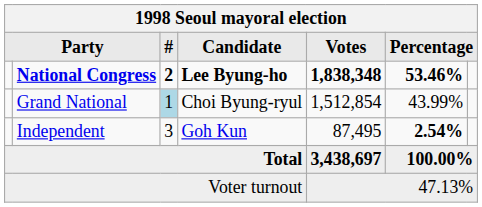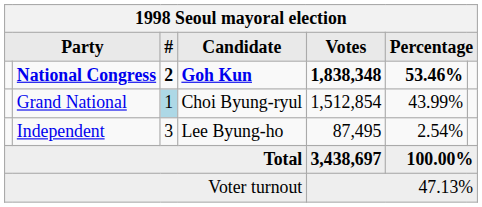 <table class="wikitable">
 <tr>
 <th colspan="7">1998 Seoul mayoral election</th>
 </tr>
 <tr>
 <th style="background-color:#E9E9E9" colspan=2>Party</th>
 <th style="background-color:#E9E9E9">#</th>
 <th style="background-color:#E9E9E9">Candidate</th>
 <th style="background-color:#E9E9E9">Votes</th>
 <th style="background-color:#E9E9E9" colspan=2>Percentage</th>
 </tr>
 <tr style="font-weight:bold">
 <td></td>
 <td align=left><a href='#'>National Congress</a></td>
 <td align=center>2</td>
-<td align=left>Lee Byung-ho</td>
+<td align=left><a href='#'>Goh Kun</a></td>
 <td align=right>1,838,348</td>
 <td align=right>53.46%</td>
 <td align=right></td>
 </tr>
 <tr>
 <td></td>
 <td align=left><a href='#'>Grand National</a></td>
 <td align=center style="background: lightblue;">1</td>
 <td align=left>Choi Byung-ryul</td>
 <td align=right>1,512,854</td>
 <td align=right>43.99%</td>
 <td align=right></td>
 </tr>
 <tr>
 <td></td>
 <td align=left><a href='#'>Independent</a></td>
 <td align=center>3</td>
-<td align=left><a href='#'>Goh Kun</a></td>
+<td align=left>Lee Byung-ho</td>
 <td align=right>87,495</td>
-<td align=right><strong>2.54%</strong></td>
+<td align=right>2.54%</td>
 <td align=right></td>
 </tr>
 <tr bgcolor="#EEEEEE" style="font-weight:bold">
 <td colspan="4" align=right>Total</td>
 <td align=right>3,438,697</td>
 <td align=right colspan=2>100.00%</td>
 </tr>
 <tr bgcolor="#EEEEEE">
 <td colspan="4" align="right">Voter turnout</td>
 <td colspan="3" align="right">47.13%</td>
 </tr>
 </table>
